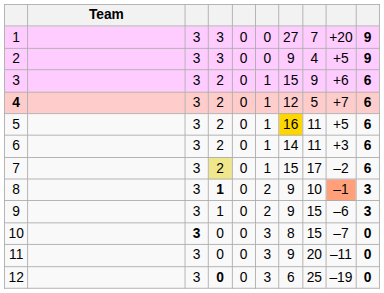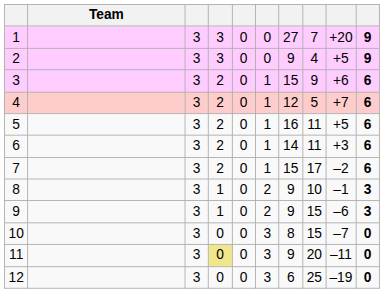 <table class="wikitable" style="text-align: center;">
 <tr>
 <th width="20"></th>
 <th style="width:175px;">Team</th>
 <th width="20"></th>
 <th width="20"></th>
 <th width="20"></th>
 <th width="20"></th>
 <th width="20"></th>
 <th width="20"></th>
 <th width="20"></th>
 <th width="20"></th>
 </tr>
 <tr style="background:#fcf;">
 <td>1</td>
 <td align=left></td>
 <td>3</td>
 <td>3</td>
 <td>0</td>
 <td>0</td>
 <td>27</td>
 <td>7</td>
 <td>+20</td>
 <td><strong>9</strong></td>
 </tr>
 <tr style="background:#fcf;">
 <td>2</td>
 <td align=left></td>
 <td>3</td>
 <td>3</td>
 <td>0</td>
 <td>0</td>
 <td>9</td>
 <td>4</td>
 <td>+5</td>
 <td><strong>9</strong></td>
 </tr>
 <tr style="background:#fcf;">
 <td>3</td>
 <td align=left></td>
 <td>3</td>
 <td>2</td>
 <td>0</td>
 <td>1</td>
 <td>15</td>
 <td>9</td>
 <td>+6</td>
 <td><strong>6</strong></td>
 </tr>
 <tr style="background:#fcc;">
-<td><strong>4</strong></td>
+<td>4</td>
 <td align=left></td>
 <td>3</td>
 <td>2</td>
 <td>0</td>
 <td>1</td>
 <td>12</td>
 <td>5</td>
 <td>+7</td>
 <td><strong>6</strong></td>
 </tr>
 <tr>
 <td>5</td>
 <td align=left></td>
 <td>3</td>
 <td>2</td>
 <td>0</td>
 <td>1</td>
-<td style="background: gold;">16</td>
+<td>16</td>
 <td>11</td>
 <td>+5</td>
 <td><strong>6</strong></td>
 </tr>
 <tr>
 <td>6</td>
 <td align=left></td>
 <td>3</td>
 <td>2</td>
 <td>0</td>
 <td>1</td>
 <td>14</td>
 <td>11</td>
 <td>+3</td>
 <td><strong>6</strong></td>
 </tr>
 <tr>
 <td>7</td>
 <td align=left></td>
 <td>3</td>
-<td style="background: khaki;">2</td>
+<td>2</td>
 <td>0</td>
 <td>1</td>
 <td>15</td>
 <td>17</td>
 <td>–2</td>
 <td><strong>6</strong></td>
 </tr>
 <tr>
 <td>8</td>
 <td align=left></td>
 <td>3</td>
-<td><strong>1</strong></td>
+<td>1</td>
 <td>0</td>
 <td>2</td>
 <td>9</td>
 <td>10</td>
-<td style="background: lightsalmon;">–1</td>
+<td>–1</td>
 <td><strong>3</strong></td>
 </tr>
 <tr>
 <td>9</td>
 <td align=left></td>
 <td>3</td>
 <td>1</td>
 <td>0</td>
 <td>2</td>
 <td>9</td>
 <td>15</td>
 <td>–6</td>
 <td><strong>3</strong></td>
 </tr>
 <tr>
 <td>10</td>
 <td align=left></td>
-<td><strong>3</strong></td>
+<td>3</td>
 <td>0</td>
 <td>0</td>
 <td>3</td>
 <td>8</td>
 <td>15</td>
 <td>–7</td>
 <td><strong>0</strong></td>
 </tr>
 <tr>
 <td>11</td>
 <td align=left></td>
 <td>3</td>
-<td>0</td>
+<td style="background: khaki;">0</td>
 <td>0</td>
 <td>3</td>
 <td>9</td>
 <td>20</td>
 <td>–11</td>
 <td><strong>0</strong></td>
 </tr>
 <tr>
 <td>12</td>
 <td align=left></td>
 <td>3</td>
-<td><strong>0</strong></td>
+<td>0</td>
 <td>0</td>
 <td>3</td>
 <td>6</td>
 <td>25</td>
 <td>–19</td>
 <td><strong>0</strong></td>
 </tr>
 </table>
